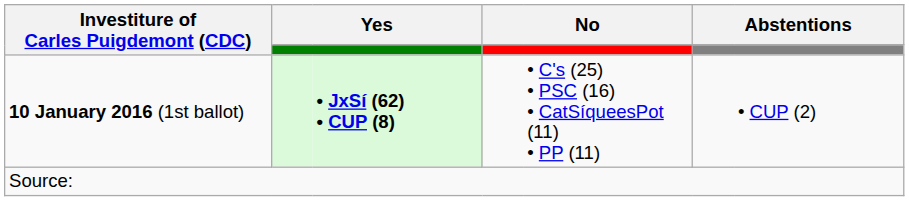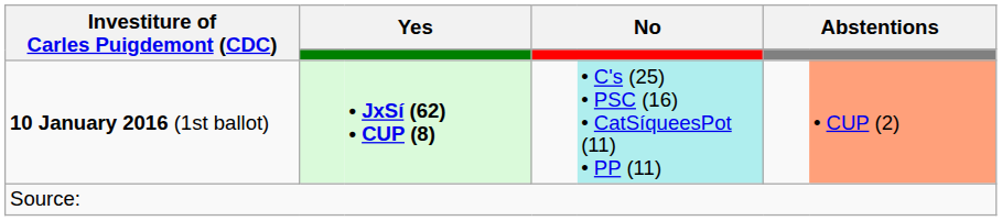 <table class="wikitable" style="font-size:90%; line-height:16px;">
 <tr>
 <th rowspan="2" align="left" width="200">Investiture of<br><a href='#'>Carles Puigdemont</a> (<a href='#'>CDC</a>)</th>
 <th colspan="2">Yes</th>
 <th colspan="2">No</th>
 <th colspan="2">Abstentions</th>
 </tr>
 <tr>
 <th colspan="2" height="1px" style="background:green;"></th>
 <th colspan="2" style="background:red;"></th>
 <th colspan="2" style="background:gray;"></th>
 </tr>
 <tr>
 <td align="left"><strong>10 January 2016</strong> (1st ballot)<br></td>
 <td style="background-color:#DAFADA; font-size:115%; border-right-style:hidden;" width="25"></td>
 <td style="background-color:#DAFADA;" width="125"><strong>• <a href='#'>JxSí</a> (62)<br>• <a href='#'>CUP</a> (8)</strong></td>
 <td style="font-size:115%; border-right-style:hidden;" width="25"></td>
-<td width="125">• <a href='#'>C's</a> (25)<br>• <a href='#'>PSC</a> (16)<br>• <a href='#'>CatSíqueesPot</a> (11)<br>• <a href='#'>PP</a> (11)</td>
+<td width="125" style="background: paleturquoise;">• <a href='#'>C's</a> (25)<br>• <a href='#'>PSC</a> (16)<br>• <a href='#'>CatSíqueesPot</a> (11)<br>• <a href='#'>PP</a> (11)</td>
 <td style="font-size:115%; border-right-style:hidden;" width="25"></td>
-<td width="125">• <a href='#'>CUP</a> (2)</td>
+<td width="125" style="background: lightsalmon;">• <a href='#'>CUP</a> (2)</td>
 </tr>
 <tr>
 <td colspan="7">Source: </td>
 </tr>
 </table>
